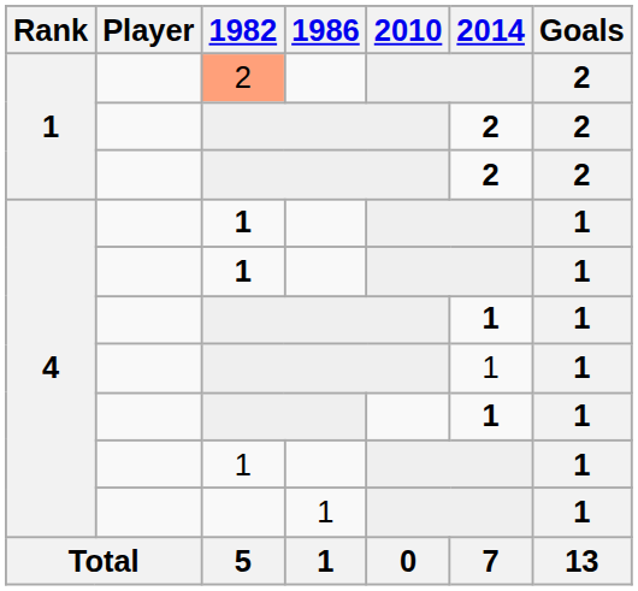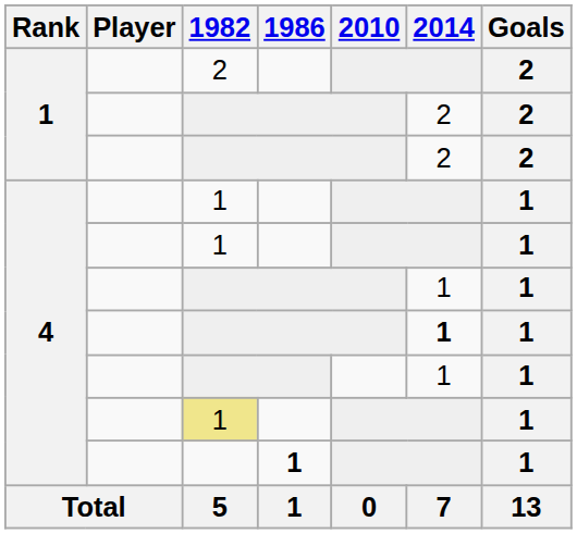 <table class="wikitable sortable" style="text-align:center; font-size:85%">
 <tr>
 <th>Rank</th>
 <th>Player</th>
 <th><a href='#'>1982</a></th>
 <th><a href='#'>1986</a></th>
 <th><a href='#'>2010</a></th>
 <th><a href='#'>2014</a></th>
 <th>Goals</th>
 </tr>
 <tr>
 <th rowspan=3>1</th>
 <td align="left"></td>
-<td style="background: lightsalmon;">2</td>
+<td>2</td>
 <td></td>
 <td colspan=2 bgcolor="#efefef"></td>
 <th>2</th>
 </tr>
 <tr>
 <td align="left"></td>
 <td colspan=3 bgcolor="#efefef"></td>
-<td><strong>2</strong></td>
+<td>2</td>
 <th>2</th>
 </tr>
 <tr>
 <td align="left"></td>
 <td colspan=3 bgcolor="#efefef"></td>
-<td><strong>2</strong></td>
+<td>2</td>
 <th>2</th>
 </tr>
 <tr>
 <th rowspan=7>4</th>
 <td align="left"></td>
-<td><strong>1</strong></td>
+<td>1</td>
 <td></td>
 <td colspan=2 bgcolor="#efefef"></td>
-<th>1</th>
-</tr>
-<tr>
-<td align="left"></td>
-<td><strong>1</strong></td>
-<td></td>
-<td colspan=2 bgcolor="#efefef"></td>
-<th>1</th>
-</tr>
-<tr>
-<td align="left"></td>
-<td colspan=3 bgcolor="#efefef"></td>
-<td><strong>1</strong></td>
-<th>1</th>
-</tr>
-<tr>
-<td align="left"></td>
-<td colspan=3 bgcolor="#efefef"></td>
-<td>1</td>
-<th>1</th>
-</tr>
-<tr>
-<td align="left"></td>
-<td colspan=2 bgcolor="#efefef"></td>
-<td></td>
-<td><strong>1</strong></td>
 <th>1</th>
 </tr>
 <tr>
 <td align="left"></td>
 <td>1</td>
 <td></td>
 <td colspan=2 bgcolor="#efefef"></td>
 <th>1</th>
 </tr>
 <tr>
 <td align="left"></td>
+<td colspan=3 bgcolor="#efefef"></td>
+<td>1</td>
+<th>1</th>
+</tr>
+<tr>
+<td align="left"></td>
+<td colspan=3 bgcolor="#efefef"></td>
+<td><strong>1</strong></td>
+<th>1</th>
+</tr>
+<tr>
+<td align="left"></td>
+<td colspan=2 bgcolor="#efefef"></td>
 <td></td>
 <td>1</td>
+<th>1</th>
+</tr>
+<tr>
+<td align="left"></td>
+<td style="background: khaki;">1</td>
+<td></td>
+<td colspan=2 bgcolor="#efefef"></td>
+<th>1</th>
+</tr>
+<tr>
+<td align="left"></td>
+<td></td>
+<td><strong>1</strong></td>
 <td colspan=2 bgcolor="#efefef"></td>
 <th>1</th>
 </tr>
 <tr class="sortbottom">
 <th colspan=2>Total</th>
 <th>5</th>
 <th>1</th>
 <th>0</th>
 <th>7</th>
 <th>13</th>
 </tr>
 </table>
